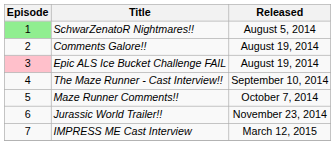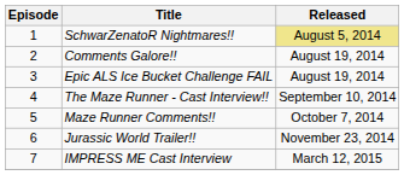 <table class="wikitable">
 <tr>
 <th>Episode</th>
 <th>Title</th>
 <th>Released</th>
 </tr>
 <tr>
-<td align="center" style="background: lightgreen;">1</td>
+<td align="center">1</td>
 <td><em>SchwarZenatoR Nightmares!!</em></td>
-<td align="center">August 5, 2014</td>
+<td align="center" style="background: khaki;">August 5, 2014</td>
 </tr>
 <tr>
 <td align="center">2</td>
 <td><em>Comments Galore!!</em></td>
 <td align="center">August 19, 2014</td>
 </tr>
 <tr>
-<td align="center" style="background: pink;">3</td>
+<td align="center">3</td>
 <td><em>Epic ALS Ice Bucket Challenge FAIL</em></td>
 <td align="center">August 19, 2014</td>
 </tr>
 <tr>
 <td align="center">4</td>
 <td><em>The Maze Runner - Cast Interview!!</em></td>
 <td align="center">September 10, 2014</td>
 </tr>
 <tr>
 <td align="center">5</td>
 <td><em>Maze Runner Comments!!</em></td>
 <td align="center">October 7, 2014</td>
 </tr>
 <tr>
 <td align="center">6</td>
 <td><em>Jurassic World Trailer!!</em></td>
 <td align="center">November 23, 2014</td>
 </tr>
 <tr>
 <td align="center">7</td>
 <td><em>IMPRESS ME Cast Interview</em></td>
 <td align="center">March 12, 2015</td>
 </tr>
 <tr>
 </tr>
 </table>
